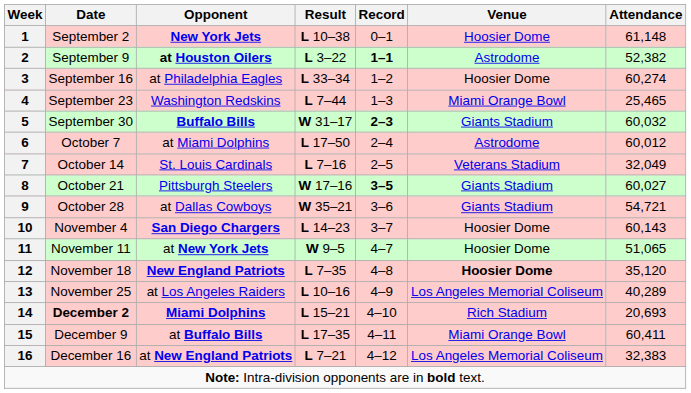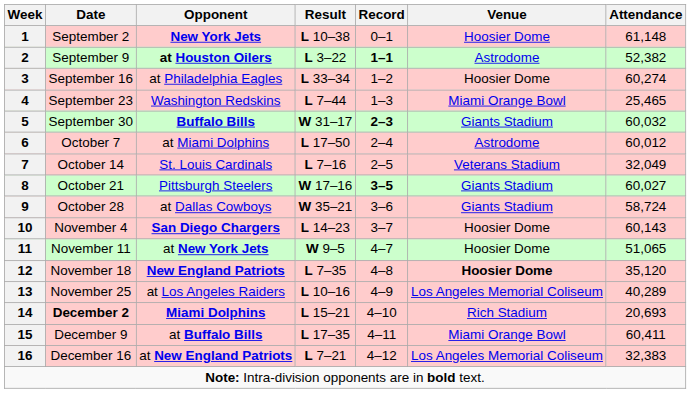 <table class="wikitable" style="text-align:center">
 <tr>
 <th>Week</th>
 <th>Date</th>
 <th>Opponent</th>
 <th>Result</th>
 <th>Record</th>
 <th>Venue</th>
 <th>Attendance</th>
 </tr>
 <tr style="background:#fcc">
 <th>1</th>
 <td>September 2</td>
 <td><strong><a href='#'>New York Jets</a></strong></td>
 <td><strong>L</strong> 10–38</td>
 <td>0–1</td>
 <td><a href='#'>Hoosier Dome</a></td>
 <td>61,148</td>
 </tr>
 <tr style="background:#cfc">
 <th>2</th>
 <td>September 9</td>
 <td><strong>at <a href='#'>Houston Oilers</a></strong></td>
 <td><strong>L</strong> 3–22</td>
 <td><strong>1–1</strong></td>
 <td><a href='#'>Astrodome</a></td>
 <td>52,382</td>
 </tr>
 <tr style="background:#fcc">
 <th>3</th>
 <td>September 16</td>
 <td>at <a href='#'>Philadelphia Eagles</a></td>
 <td><strong>L</strong> 33–34</td>
 <td>1–2</td>
 <td>Hoosier Dome</td>
 <td>60,274</td>
 </tr>
 <tr style="background:#fcc">
 <th>4</th>
 <td>September 23</td>
 <td><a href='#'>Washington Redskins</a></td>
 <td><strong>L</strong> 7–44</td>
 <td>1–3</td>
 <td><a href='#'>Miami Orange Bowl</a></td>
 <td>25,465</td>
 </tr>
 <tr style="background:#cfc">
 <th>5</th>
 <td>September 30</td>
 <td><strong><a href='#'>Buffalo Bills</a></strong></td>
 <td><strong>W</strong> 31–17</td>
 <td><strong>2–3</strong></td>
 <td><a href='#'>Giants Stadium</a></td>
 <td>60,032</td>
 </tr>
 <tr style="background:#fcc">
 <th>6</th>
 <td>October 7</td>
 <td>at <a href='#'>Miami Dolphins</a></td>
 <td><strong>L</strong> 17–50</td>
 <td>2–4</td>
 <td><a href='#'>Astrodome</a></td>
 <td>60,012</td>
 </tr>
 <tr style="background:#fcc">
 <th>7</th>
 <td>October 14</td>
 <td><a href='#'>St. Louis Cardinals</a></td>
 <td><strong>L</strong> 7–16</td>
 <td>2–5</td>
 <td><a href='#'>Veterans Stadium</a></td>
 <td>32,049</td>
 </tr>
 <tr style="background:#cfc">
 <th>8</th>
 <td>October 21</td>
 <td><a href='#'>Pittsburgh Steelers</a></td>
 <td><strong>W</strong> 17–16</td>
 <td><strong>3–5</strong></td>
 <td><a href='#'>Giants Stadium</a></td>
 <td>60,027</td>
 </tr>
 <tr style="background:#fcc">
 <th>9</th>
 <td>October 28</td>
 <td>at <a href='#'>Dallas Cowboys</a></td>
 <td><strong>W</strong> 35–21</td>
 <td>3–6</td>
 <td><a href='#'>Giants Stadium</a></td>
-<td>54,721</td>
+<td>58,724</td>
 </tr>
 <tr style="background:#fcc">
 <th>10</th>
 <td>November 4</td>
 <td><strong><a href='#'>San Diego Chargers</a></strong></td>
 <td><strong>L</strong> 14–23</td>
 <td>3–7</td>
 <td>Hoosier Dome</td>
 <td>60,143</td>
 </tr>
 <tr style="background:#cfc">
 <th>11</th>
 <td>November 11</td>
 <td>at <strong><a href='#'>New York Jets</a></strong></td>
 <td><strong>W</strong> 9–5</td>
 <td>4–7</td>
 <td>Hoosier Dome</td>
 <td>51,065</td>
 </tr>
 <tr style="background:#fcc">
 <th>12</th>
 <td>November 18</td>
 <td><strong><a href='#'>New England Patriots</a></strong></td>
 <td><strong>L</strong> 7–35</td>
 <td>4–8</td>
 <td><strong>Hoosier Dome</strong></td>
 <td>35,120</td>
 </tr>
 <tr style="background:#fcc">
 <th>13</th>
 <td>November 25</td>
 <td>at <a href='#'>Los Angeles Raiders</a></td>
 <td><strong>L</strong> 10–16</td>
 <td>4–9</td>
 <td><a href='#'>Los Angeles Memorial Coliseum</a></td>
 <td>40,289</td>
 </tr>
 <tr style="background:#fcc">
 <th>14</th>
 <td><strong>December 2</strong></td>
 <td><strong><a href='#'>Miami Dolphins</a></strong></td>
 <td><strong>L</strong> 15–21</td>
 <td>4–10</td>
 <td><a href='#'>Rich Stadium</a></td>
 <td>20,693</td>
 </tr>
 <tr style="background:#fcc">
 <th>15</th>
 <td>December 9</td>
 <td>at <strong><a href='#'>Buffalo Bills</a></strong></td>
 <td><strong>L</strong> 17–35</td>
 <td>4–11</td>
 <td><a href='#'>Miami Orange Bowl</a></td>
 <td>60,411</td>
 </tr>
 <tr style="background:#fcc">
 <th>16</th>
 <td>December 16</td>
 <td>at <strong><a href='#'>New England Patriots</a></strong></td>
 <td><strong>L</strong> 7–21</td>
 <td>4–12</td>
 <td><a href='#'>Los Angeles Memorial Coliseum</a></td>
 <td>32,383</td>
 </tr>
 <tr>
 <td colspan="8"><strong>Note:</strong> Intra-division opponents are in <strong>bold</strong> text.</td>
 </tr>
 </table>
